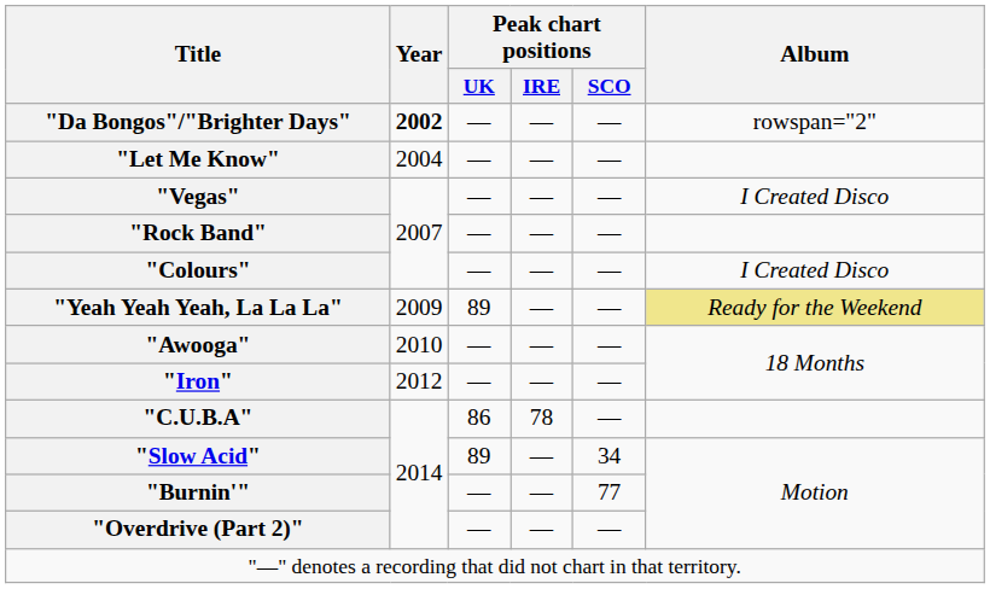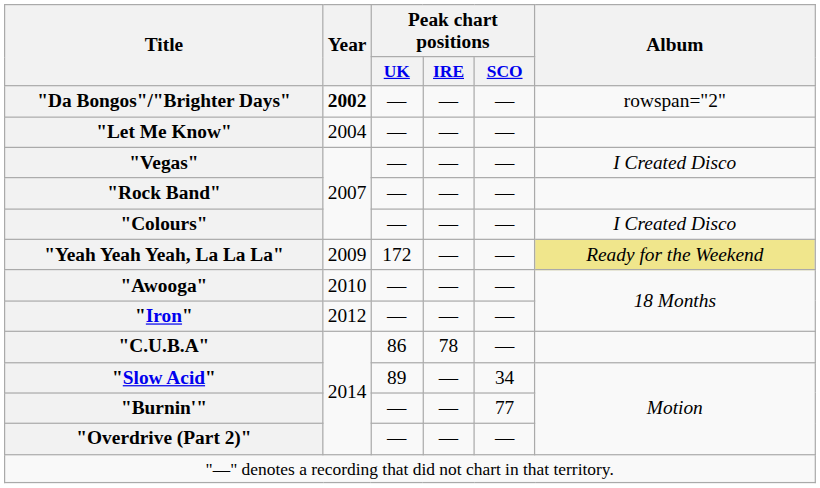 <table class="wikitable plainrowheaders" style="text-align:center;">
 <tr>
 <th scope="col" rowspan="2" style="width:16em;">Title</th>
 <th scope="col" rowspan="2">Year</th>
 <th scope="col" colspan="3">Peak chart positions</th>
 <th scope="col" rowspan="2" style="width:14em;">Album</th>
 </tr>
 <tr>
 <th scope="col" style="width:2.5em;font-size:90%;"><a href='#'>UK</a><br></th>
 <th scope="col" style="width:2.5em;font-size:90%;"><a href='#'>IRE</a><br></th>
 <th scope="col" style="width:3em;font-size:90%;"><a href='#'>SCO</a></th>
 </tr>
 <tr>
 <th scope="row">"Da Bongos"/"Brighter Days"<br></th>
 <td><strong>2002</strong></td>
 <td>—</td>
 <td>—</td>
 <td>—</td>
 <td>rowspan="2" </td>
 </tr>
 <tr>
 <th scope="row">"Let Me Know"<br></th>
 <td>2004</td>
 <td>—</td>
 <td>—</td>
 <td>—</td>
 </tr>
 <tr>
 <th scope="row">"Vegas"</th>
 <td rowspan="3">2007</td>
 <td>—</td>
 <td>—</td>
 <td>—</td>
 <td><em>I Created Disco</em></td>
 </tr>
 <tr>
 <th scope="row">"Rock Band"</th>
 <td>—</td>
 <td>—</td>
 <td>—</td>
 <td></td>
 </tr>
 <tr>
 <th scope="row">"Colours"</th>
 <td>—</td>
 <td>—</td>
 <td>—</td>
 <td><em>I Created Disco</em></td>
 </tr>
 <tr>
 <th scope="row">"Yeah Yeah Yeah, La La La"</th>
 <td>2009</td>
-<td>89</td>
+<td>172</td>
 <td>—</td>
 <td>—</td>
 <td style="background: khaki;"><em>Ready for the Weekend</em></td>
 </tr>
 <tr>
 <th scope="row">"Awooga"</th>
 <td>2010</td>
 <td>—</td>
 <td>—</td>
 <td>—</td>
 <td rowspan="2"><em>18 Months</em></td>
 </tr>
 <tr>
 <th scope="row">"<a href='#'>Iron</a>"<br></th>
 <td>2012</td>
 <td>—</td>
 <td>—</td>
 <td>—</td>
 </tr>
 <tr>
 <th scope="row">"C.U.B.A"</th>
 <td rowspan="4">2014</td>
 <td>86</td>
 <td>78</td>
 <td>—</td>
 <td></td>
 </tr>
 <tr>
 <th scope="row">"<a href='#'>Slow Acid</a>"</th>
 <td>89</td>
 <td>—</td>
 <td>34</td>
 <td rowspan="3"><em>Motion</em></td>
 </tr>
 <tr>
 <th scope="row">"Burnin'"<br></th>
 <td>—</td>
 <td>—</td>
 <td>77</td>
 </tr>
 <tr>
 <th scope="row">"Overdrive (Part 2)"<br></th>
 <td>—</td>
 <td>—</td>
 <td>—</td>
 </tr>
 <tr>
 <td colspan="6" style="font-size:90%">"—" denotes a recording that did not chart in that territory.</td>
 </tr>
 </table>
